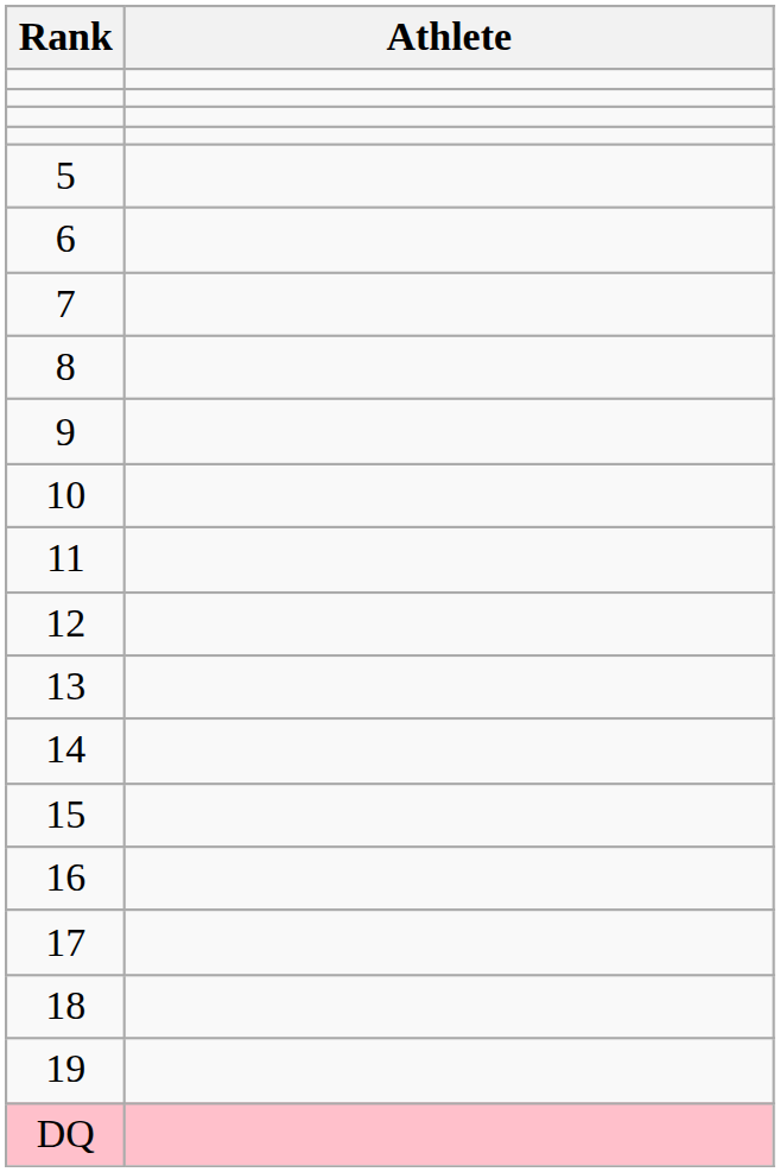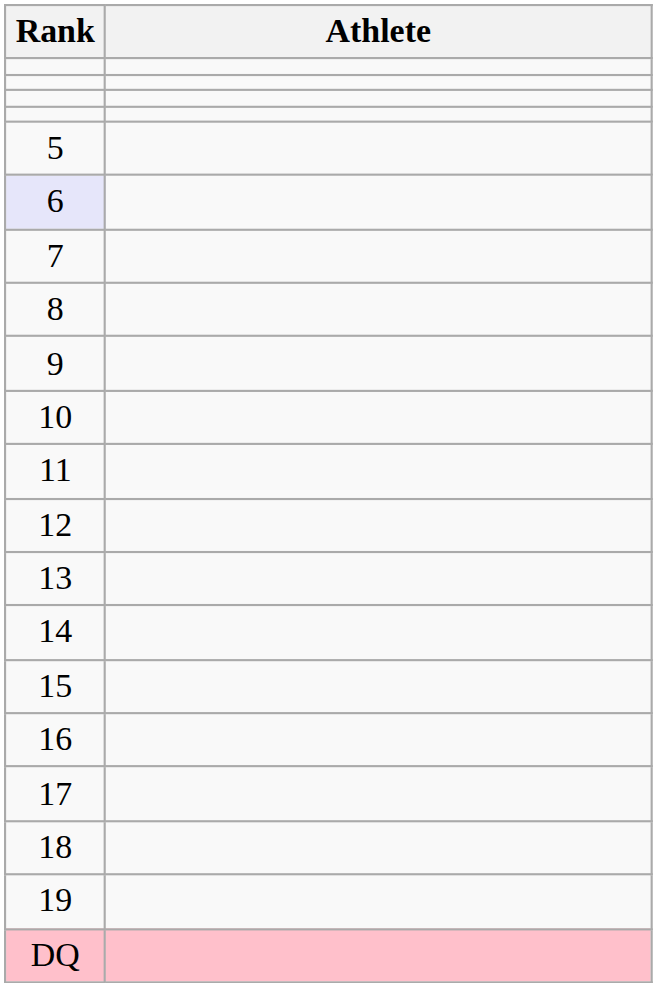 <table class="wikitable" style="text-align: center;">
 <tr>
 <th width=40>Rank</th>
 <th width=250>Athlete</th>
 </tr>
 <tr>
 <td></td>
 <td align="left"></td>
 </tr>
 <tr>
 <td></td>
 <td align="left"></td>
 </tr>
 <tr>
 <td></td>
 <td align="left"></td>
 </tr>
 <tr>
 <td></td>
 <td align="left"></td>
 </tr>
 <tr>
 <td>5</td>
 <td align="left"></td>
 </tr>
 <tr>
-<td>6</td>
+<td style="background: lavender;">6</td>
 <td align="left"></td>
 </tr>
 <tr>
 <td>7</td>
 <td align="left"></td>
 </tr>
 <tr>
 <td>8</td>
 <td align="left"></td>
 </tr>
 <tr>
 <td>9</td>
 <td align="left"></td>
 </tr>
 <tr>
 <td>10</td>
 <td align="left"></td>
 </tr>
 <tr>
 <td>11</td>
 <td align="left"></td>
 </tr>
 <tr>
 <td>12</td>
 <td align="left"></td>
 </tr>
 <tr>
 <td>13</td>
 <td align="left"></td>
 </tr>
 <tr>
 <td>14</td>
 <td align="left"></td>
 </tr>
 <tr>
 <td>15</td>
 <td align="left"></td>
 </tr>
 <tr>
 <td>16</td>
 <td align="left"></td>
 </tr>
 <tr>
 <td>17</td>
 <td align="left"></td>
 </tr>
 <tr>
 <td>18</td>
 <td align="left"></td>
 </tr>
 <tr>
 <td>19</td>
 <td align="left"></td>
 </tr>
 <tr bgcolor=pink>
 <td>DQ</td>
 <td align="left"></td>
 </tr>
 </table>
